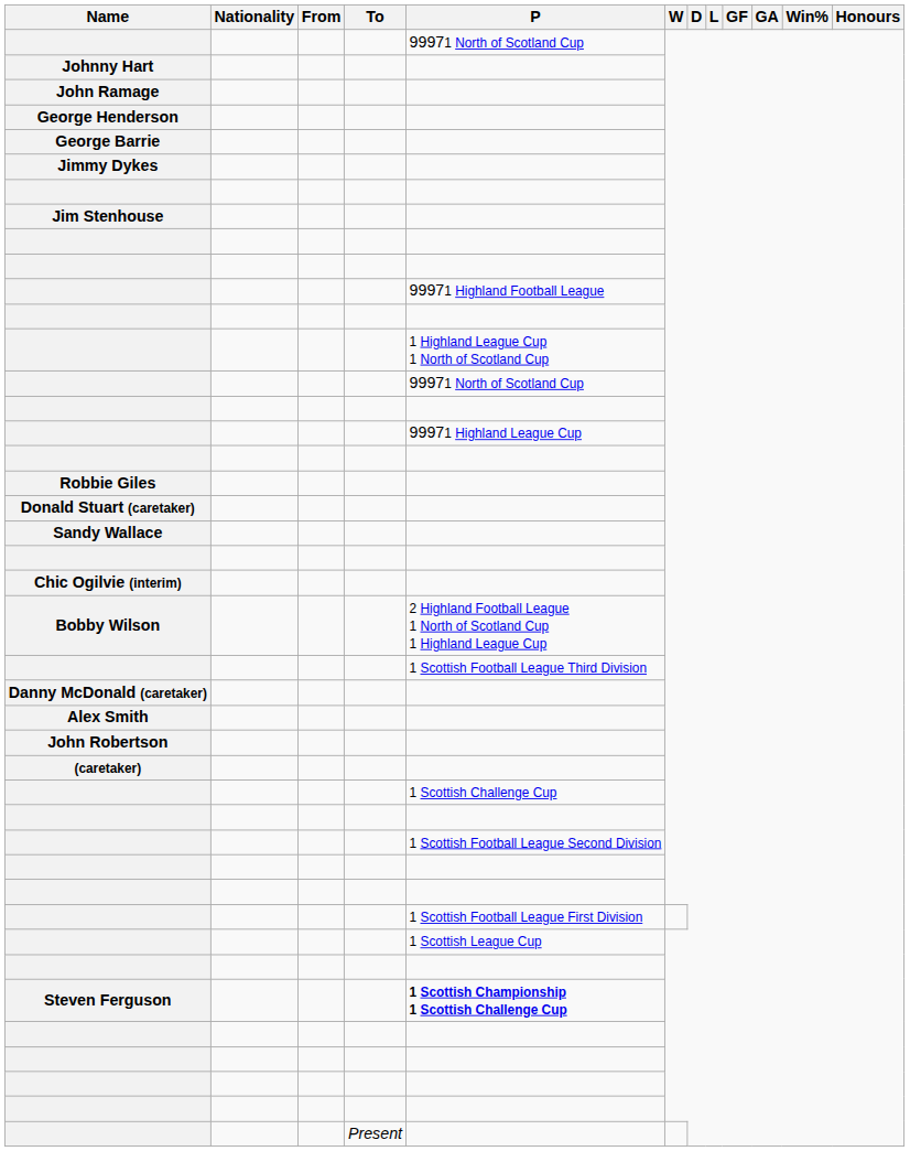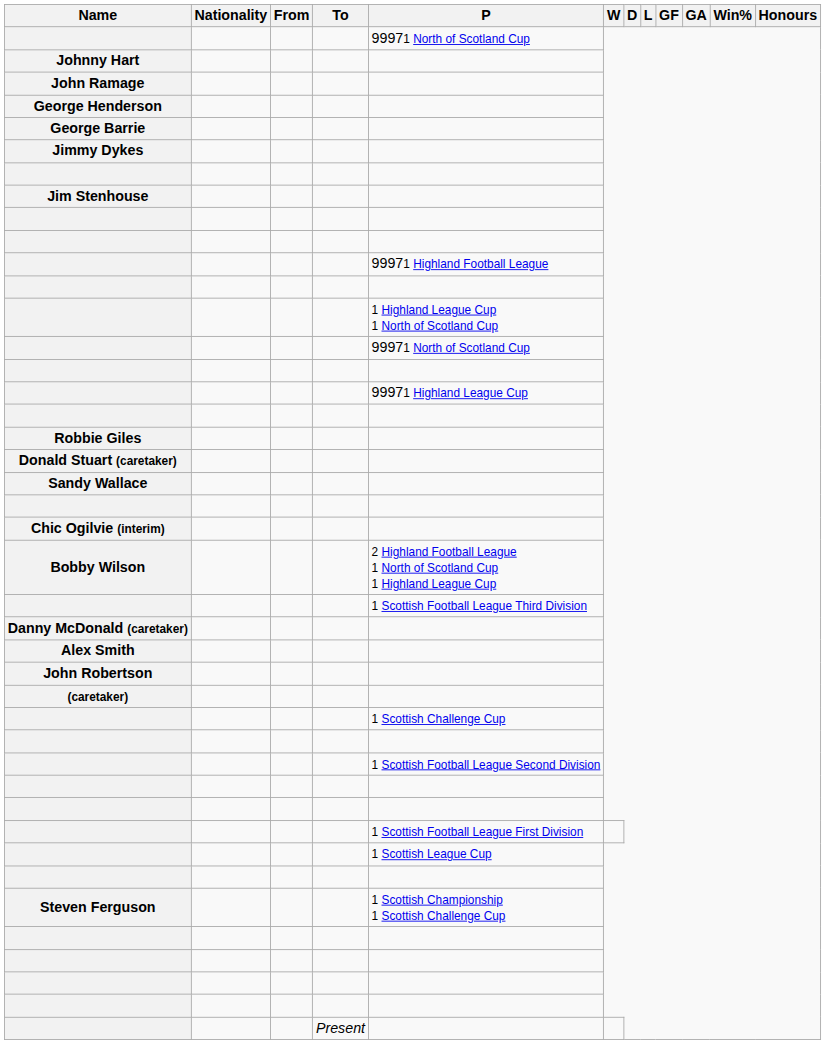 <table class="wikitable plainrowheaders sortable">
 <tr>
 <th scope="col">Name</th>
 <th scope="col">Nationality</th>
 <th scope="col">From</th>
 <th scope="col">To</th>
 <th scope="col">P</th>
 <th scope="col">W</th>
 <th scope="col">D</th>
 <th scope="col">L</th>
 <th scope="col">GF</th>
 <th scope="col">GA</th>
 <th scope="col">Win%</th>
 <th scope="col">Honours</th>
 </tr>
 <tr>
 <th scope="row"></th>
 <td></td>
 <td></td>
 <td><br></td>
 <td><span>9997</span><small>1 <a href='#'>North of Scotland Cup</a></small></td>
 </tr>
 <tr>
 <th scope="row">Johnny Hart</th>
 <td></td>
 <td></td>
 <td><br></td>
 <td></td>
 </tr>
 <tr>
 <th scope="row">John Ramage</th>
 <td></td>
 <td></td>
 <td><br></td>
 <td></td>
 </tr>
 <tr>
 <th scope="row">George Henderson</th>
 <td></td>
 <td></td>
 <td><br></td>
 <td></td>
 </tr>
 <tr>
 <th scope="row">George Barrie</th>
 <td></td>
 <td></td>
 <td><br></td>
 <td></td>
 </tr>
 <tr>
 <th scope="row">Jimmy Dykes</th>
 <td></td>
 <td></td>
 <td><br></td>
 <td></td>
 </tr>
 <tr>
 <th scope="row"></th>
 <td></td>
 <td></td>
 <td><br></td>
 <td></td>
 </tr>
 <tr>
 <th scope="row">Jim Stenhouse</th>
 <td></td>
 <td></td>
 <td><br></td>
 <td></td>
 </tr>
 <tr>
 <th scope="row"></th>
 <td></td>
 <td></td>
 <td><br></td>
 <td></td>
 </tr>
 <tr>
 <th scope="row"></th>
 <td></td>
 <td></td>
 <td><br></td>
 <td></td>
 </tr>
 <tr>
 <th scope="row"></th>
 <td></td>
 <td></td>
 <td><br></td>
 <td><span>9997</span><small>1 <a href='#'>Highland Football League</a></small></td>
 </tr>
 <tr>
 <th scope="row"></th>
 <td></td>
 <td></td>
 <td><br></td>
 <td></td>
 </tr>
 <tr>
 <th scope="row"></th>
 <td></td>
 <td></td>
 <td><br></td>
 <td><small>1 <a href='#'>Highland League Cup</a><br>1 <a href='#'>North of Scotland Cup</a></small></td>
 </tr>
 <tr>
 <th scope="row"></th>
 <td></td>
 <td></td>
 <td><br></td>
 <td><span>9997</span><small>1 <a href='#'>North of Scotland Cup</a></small></td>
 </tr>
 <tr>
 <th scope="row"></th>
 <td></td>
 <td></td>
 <td><br></td>
 <td></td>
 </tr>
 <tr>
 <th scope="row"></th>
 <td></td>
 <td></td>
 <td><br></td>
 <td><span>9997</span><small>1 <a href='#'>Highland League Cup</a></small></td>
 </tr>
 <tr>
 <th scope="row"></th>
 <td></td>
 <td></td>
 <td><br></td>
 <td></td>
 </tr>
 <tr>
 <th scope="row">Robbie Giles</th>
 <td></td>
 <td></td>
 <td><br></td>
 <td></td>
 </tr>
 <tr>
 <th scope="row">Donald Stuart <small>(caretaker)</small></th>
 <td></td>
 <td></td>
 <td><br></td>
 <td></td>
 </tr>
 <tr>
 <th scope="row">Sandy Wallace</th>
 <td></td>
 <td></td>
 <td><br></td>
 <td></td>
 </tr>
 <tr>
 <th scope="row"></th>
 <td></td>
 <td></td>
 <td><br></td>
 <td></td>
 </tr>
 <tr>
 <th scope="row">Chic Ogilvie <small>(interim)</small></th>
 <td></td>
 <td></td>
 <td><br></td>
 <td></td>
 </tr>
 <tr>
 <th scope="row">Bobby Wilson</th>
 <td></td>
 <td></td>
 <td><br></td>
 <td><small>2 <a href='#'>Highland Football League</a><br>1 <a href='#'>North of Scotland Cup</a><br>1 <a href='#'>Highland League Cup</a></small></td>
 </tr>
 <tr>
 <th scope="row"></th>
 <td></td>
 <td></td>
 <td><br></td>
 <td><small>1 <a href='#'>Scottish Football League Third Division</a></small></td>
 </tr>
 <tr>
 <th scope="row">Danny McDonald <small>(caretaker)</small></th>
 <td></td>
 <td></td>
 <td><br></td>
 <td></td>
 </tr>
 <tr>
 <th scope="row">Alex Smith</th>
 <td></td>
 <td></td>
 <td><br></td>
 <td></td>
 </tr>
 <tr>
 <th scope="row">John Robertson</th>
 <td></td>
 <td></td>
 <td><br></td>
 <td></td>
 </tr>
 <tr>
 <th scope="row"> <small>(caretaker)</small></th>
 <td></td>
 <td></td>
 <td><br></td>
 <td></td>
 </tr>
 <tr>
 <th scope="row"></th>
 <td></td>
 <td></td>
 <td><br></td>
 <td><small>1 <a href='#'>Scottish Challenge Cup</a></small></td>
 </tr>
 <tr>
 <th scope="row"></th>
 <td></td>
 <td></td>
 <td><br></td>
 <td></td>
 </tr>
 <tr>
 <th scope="row"></th>
 <td></td>
 <td></td>
 <td><br></td>
 <td><small>1 <a href='#'>Scottish Football League Second Division</a></small></td>
 </tr>
 <tr>
 <th scope="row"></th>
 <td></td>
 <td></td>
 <td><br></td>
 <td></td>
 </tr>
 <tr>
 <th scope="row"></th>
 <td></td>
 <td></td>
 <td><br></td>
 <td></td>
 </tr>
 <tr>
 <th scope="row"></th>
 <td></td>
 <td></td>
 <td><br></td>
 <td><small>1 <a href='#'>Scottish Football League First Division</a></small></td>
 <td></td>
 </tr>
 <tr>
 <th scope="row"></th>
 <td></td>
 <td></td>
 <td><br></td>
 <td><small>1 <a href='#'>Scottish League Cup</a></small></td>
 </tr>
 <tr>
 <th scope="row"></th>
 <td></td>
 <td></td>
 <td><br></td>
 <td></td>
 </tr>
 <tr>
 <th scope="row">Steven Ferguson<br> </th>
 <td> </td>
 <td></td>
 <td><br></td>
-<td><strong><small>1 <a href='#'>Scottish Championship</a><br>1 <a href='#'>Scottish Challenge Cup</a></small></strong></td>
+<td><small>1 <a href='#'>Scottish Championship</a><br>1 <a href='#'>Scottish Challenge Cup</a></small></td>
 </tr>
 <tr>
 <th scope="row"></th>
 <td></td>
 <td></td>
 <td><br></td>
 <td></td>
 </tr>
 <tr>
 <th scope="row"></th>
 <td></td>
 <td></td>
 <td><br></td>
 <td></td>
 </tr>
 <tr>
 <th scope="row"></th>
 <td></td>
 <td></td>
 <td><br></td>
 <td></td>
 </tr>
 <tr>
 <th scope="row"></th>
 <td></td>
 <td></td>
 <td><br></td>
 <td></td>
 </tr>
 <tr>
 <th scope="row"></th>
 <td></td>
 <td></td>
 <td><em>Present</em><br></td>
 <td></td>
 <td></td>
 </tr>
 </table>
